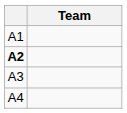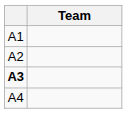 <table class="wikitable" style="display:inline-table;float:left;">
 <tr>
 <th></th>
 <th width=110>Team</th>
 </tr>
 <tr>
 <td align=center>A1</td>
 <td></td>
 </tr>
 <tr>
-<td align=center><strong>A2</strong></td>
+<td align=center>A2</td>
 <td></td>
 </tr>
 <tr>
-<td align=center>A3</td>
+<td align=center><strong>A3</strong></td>
 <td></td>
 </tr>
 <tr>
 <td align=center>A4</td>
 <td></td>
 </tr>
 </table>
